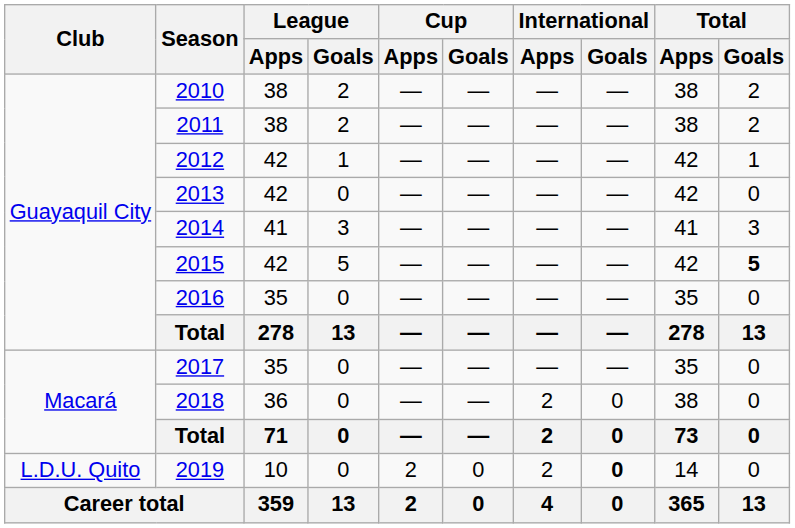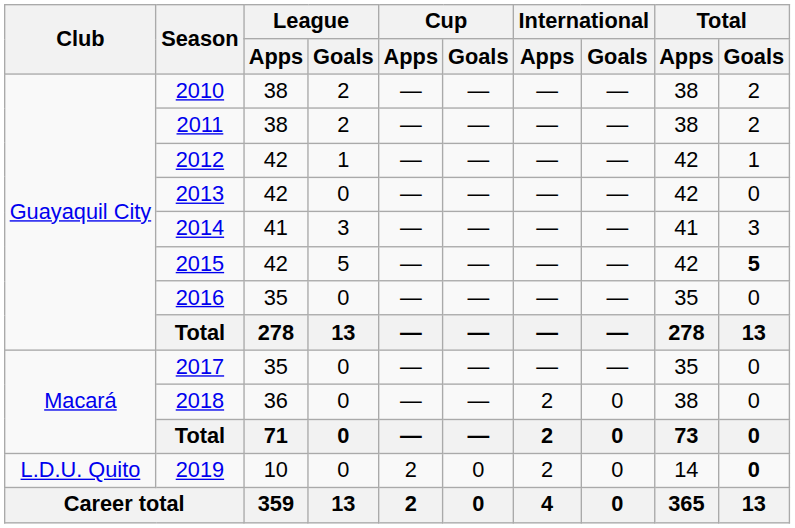 <table class="wikitable" style="text-align: center;">
 <tr>
 <th rowspan="2">Club</th>
 <th rowspan="2">Season</th>
 <th colspan="2">League</th>
 <th colspan="2">Cup</th>
 <th colspan="2">International</th>
 <th colspan="2">Total</th>
 </tr>
 <tr>
 <th>Apps</th>
 <th>Goals</th>
 <th>Apps</th>
 <th>Goals</th>
 <th>Apps</th>
 <th>Goals</th>
 <th>Apps</th>
 <th>Goals</th>
 </tr>
 <tr>
 <td rowspan="8"><a href='#'>Guayaquil City</a></td>
 <td><a href='#'>2010</a></td>
 <td>38</td>
 <td>2</td>
 <td>—</td>
 <td>—</td>
 <td>—</td>
 <td>—</td>
 <td>38</td>
 <td>2</td>
 </tr>
 <tr>
 <td><a href='#'>2011</a></td>
 <td>38</td>
 <td>2</td>
 <td>—</td>
 <td>—</td>
 <td>—</td>
 <td>—</td>
 <td>38</td>
 <td>2</td>
 </tr>
 <tr>
 <td><a href='#'>2012</a></td>
 <td>42</td>
 <td>1</td>
 <td>—</td>
 <td>—</td>
 <td>—</td>
 <td>—</td>
 <td>42</td>
 <td>1</td>
 </tr>
 <tr>
 <td><a href='#'>2013</a></td>
 <td>42</td>
 <td>0</td>
 <td>—</td>
 <td>—</td>
 <td>—</td>
 <td>—</td>
 <td>42</td>
 <td>0</td>
 </tr>
 <tr>
 <td><a href='#'>2014</a></td>
 <td>41</td>
 <td>3</td>
 <td>—</td>
 <td>—</td>
 <td>—</td>
 <td>—</td>
 <td>41</td>
 <td>3</td>
 </tr>
 <tr>
 <td><a href='#'>2015</a></td>
 <td>42</td>
 <td>5</td>
 <td>—</td>
 <td>—</td>
 <td>—</td>
 <td>—</td>
 <td>42</td>
 <td><strong>5</strong></td>
 </tr>
 <tr>
 <td><a href='#'>2016</a></td>
 <td>35</td>
 <td>0</td>
 <td>—</td>
 <td>—</td>
 <td>—</td>
 <td>—</td>
 <td>35</td>
 <td>0</td>
 </tr>
 <tr>
 <th>Total</th>
 <th>278</th>
 <th>13</th>
 <th>—</th>
 <th>—</th>
 <th>—</th>
 <th>—</th>
 <th>278</th>
 <th>13</th>
 </tr>
 <tr>
 <td rowspan="3"><a href='#'>Macará</a></td>
 <td><a href='#'>2017</a></td>
 <td>35</td>
 <td>0</td>
 <td>—</td>
 <td>—</td>
 <td>—</td>
 <td>—</td>
 <td>35</td>
 <td>0</td>
 </tr>
 <tr>
 <td><a href='#'>2018</a></td>
 <td>36</td>
 <td>0</td>
 <td>—</td>
 <td>—</td>
 <td>2</td>
 <td>0</td>
 <td>38</td>
 <td>0</td>
 </tr>
 <tr>
 <th>Total</th>
 <th>71</th>
 <th>0</th>
 <th>—</th>
 <th>—</th>
 <th>2</th>
 <th>0</th>
 <th>73</th>
 <th>0</th>
 </tr>
 <tr>
 <td rowspan="1"><a href='#'>L.D.U. Quito</a></td>
 <td><a href='#'>2019</a></td>
 <td>10</td>
 <td>0</td>
 <td>2</td>
 <td>0</td>
 <td>2</td>
+<td>0</td>
+<td>14</td>
 <td><strong>0</strong></td>
-<td>14</td>
-<td>0</td>
 </tr>
 <tr>
 <th colspan="2">Career total</th>
 <th>359</th>
 <th>13</th>
 <th>2</th>
 <th>0</th>
 <th>4</th>
 <th>0</th>
 <th>365</th>
 <th>13</th>
 </tr>
 </table>
